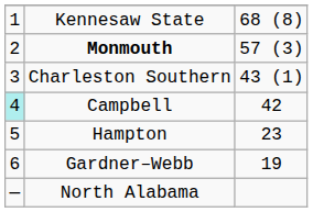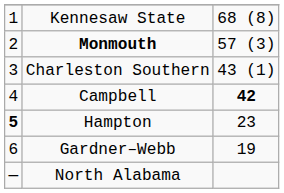 <table class="wikitable" style="display: inline-table;">
 <tr align="center">
 </tr>
 <tr align="center">
 <td>1</td>
 <td>Kennesaw State</td>
 <td>68 (8)</td>
 </tr>
 <tr align="center">
 <td>2</td>
 <td><strong>Monmouth</strong></td>
 <td>57 (3)</td>
 </tr>
 <tr align="center">
 <td>3</td>
 <td>Charleston Southern</td>
 <td>43 (1)</td>
 </tr>
 <tr align="center">
-<td style="background: paleturquoise;">4</td>
+<td>4</td>
 <td>Campbell</td>
-<td>42</td>
+<td><strong>42</strong></td>
 </tr>
 <tr align="center">
-<td>5</td>
+<td><strong>5</strong></td>
 <td>Hampton</td>
 <td>23</td>
 </tr>
 <tr align="center">
 <td>6</td>
 <td>Gardner–Webb</td>
 <td>19</td>
 </tr>
 <tr align="center">
 <td>—</td>
 <td>North Alabama</td>
 <td></td>
 </tr>
 </table>
